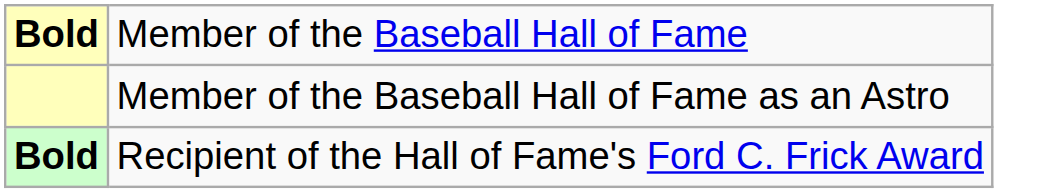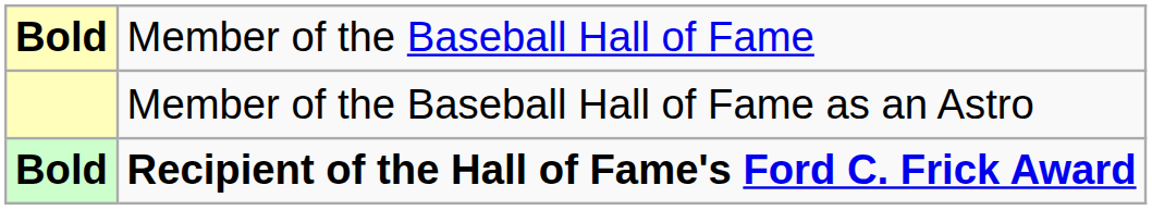 <table class="wikitable">
 <tr>
 <th scope="row" style="background:#ffb;"><strong>Bold</strong></th>
 <td>Member of the <a href='#'>Baseball Hall of Fame</a></td>
 </tr>
 <tr>
 <th scope="row" style="background:#ffb;"></th>
 <td>Member of the Baseball Hall of Fame as an Astro</td>
 </tr>
 <tr>
 <th scope="row" style="background:#cfc;"><strong>Bold</strong></th>
-<td>Recipient of the Hall of Fame's <a href='#'>Ford C. Frick Award</a></td>
+<td><strong>Recipient of the Hall of Fame's <a href='#'>Ford C. Frick Award</a></strong></td>
 </tr>
 </table>
